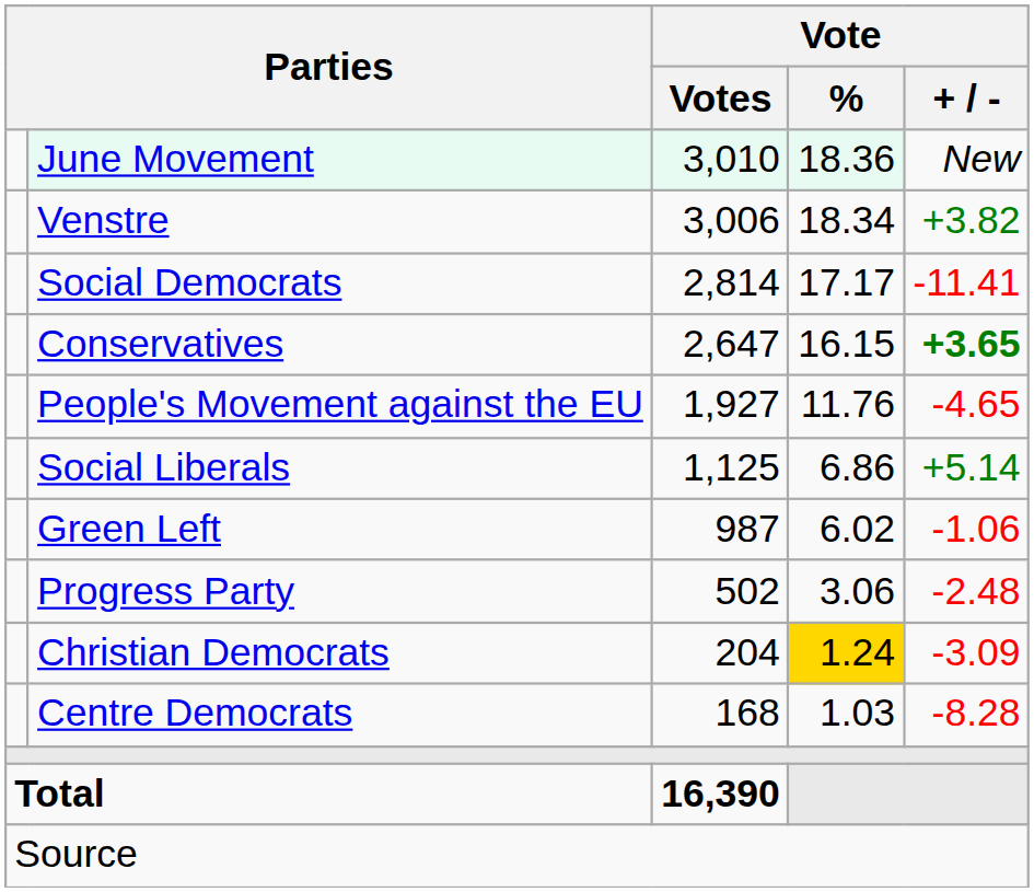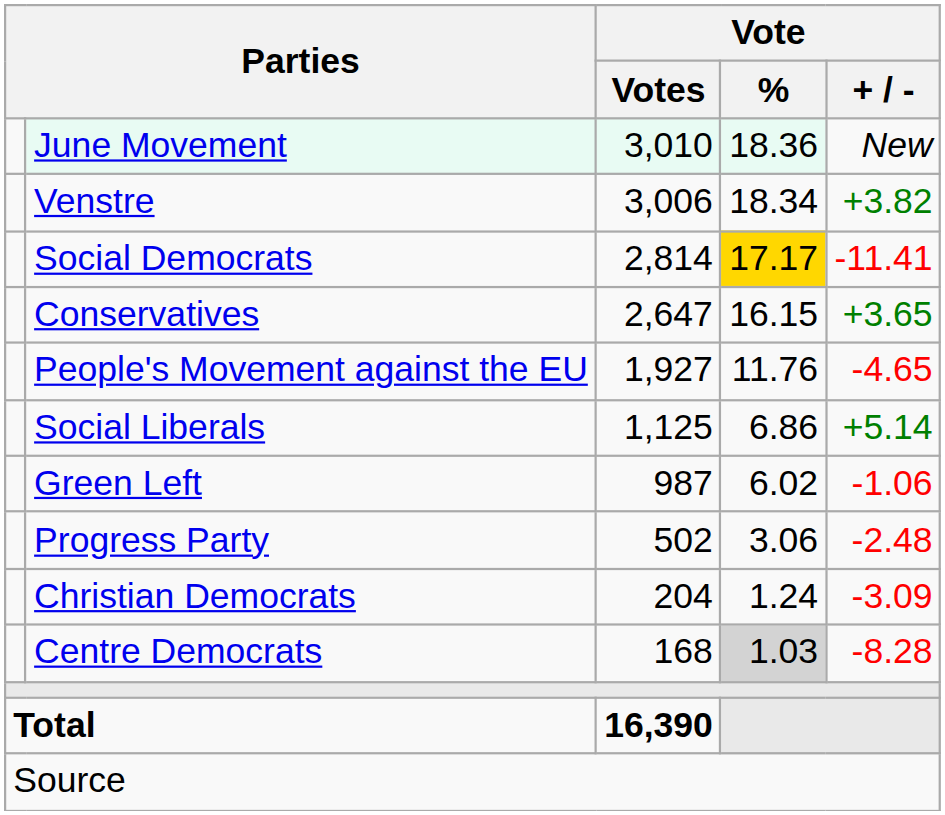 <table class="wikitable" style="text-align:right;">
 <tr>
 <th style="text-align:centre;" rowspan="2" colspan="2" width="225">Parties</th>
 <th colspan="3">Vote</th>
 </tr>
 <tr>
 <th width="15">Votes</th>
 <th width="15">%</th>
 <th width="15">+ / -</th>
 </tr>
 <tr>
 <td width="2" style="color:inherit;background:"></td>
 <td bgcolor=#e8fbf3   align="left"><a href='#'>June Movement</a></td>
 <td bgcolor=#e8fbf3>3,010</td>
 <td bgcolor=#e8fbf3>18.36</td>
 <td><em>New</em></td>
 </tr>
 <tr>
 <td width="2" style="color:inherit;background:"></td>
 <td align="left"><a href='#'>Venstre</a></td>
 <td>3,006</td>
 <td>18.34</td>
 <td style=color:green;>+3.82</td>
 </tr>
 <tr>
 <td width="2" style="color:inherit;background:"></td>
 <td align="left"><a href='#'>Social Democrats</a></td>
 <td>2,814</td>
-<td>17.17</td>
+<td style="background: gold;">17.17</td>
 <td style=color:red;>-11.41</td>
 </tr>
 <tr>
 <td width="2" style="color:inherit;background:"></td>
 <td align="left"><a href='#'>Conservatives</a></td>
 <td>2,647</td>
 <td>16.15</td>
-<td style=color:green;><strong>+3.65</strong></td>
+<td style=color:green;>+3.65</td>
 </tr>
 <tr>
 <td width="2" style="color:inherit;background:"></td>
 <td align="left"><a href='#'>People's Movement against the EU</a></td>
 <td>1,927</td>
 <td>11.76</td>
 <td style=color:red;>-4.65</td>
 </tr>
 <tr>
 <td width="2" style="color:inherit;background:"></td>
 <td align="left"><a href='#'>Social Liberals</a></td>
 <td>1,125</td>
 <td>6.86</td>
 <td style=color:green;>+5.14</td>
 </tr>
 <tr>
 <td width="2" style="color:inherit;background:"></td>
 <td align="left"><a href='#'>Green Left</a></td>
 <td>987</td>
 <td>6.02</td>
 <td style=color:red;>-1.06</td>
 </tr>
 <tr>
 <td width="2" style="color:inherit;background:"></td>
 <td align="left"><a href='#'>Progress Party</a></td>
 <td>502</td>
 <td>3.06</td>
 <td style=color:red;>-2.48</td>
 </tr>
 <tr>
 <td width="2" style="color:inherit;background:"></td>
 <td align="left"><a href='#'>Christian Democrats</a></td>
 <td>204</td>
-<td style="background: gold;">1.24</td>
+<td>1.24</td>
 <td style=color:red;>-3.09</td>
 </tr>
 <tr>
 <td width="2" style="color:inherit;background:"></td>
 <td align="left"><a href='#'>Centre Democrats</a></td>
 <td>168</td>
-<td>1.03</td>
+<td style="background: lightgrey;">1.03</td>
 <td style=color:red;>-8.28</td>
 </tr>
 <tr>
 <td colspan="7" bgcolor="#E9E9E9"></td>
 </tr>
 <tr>
 <td align="left" colspan="2"><strong>Total</strong></td>
 <td><strong>16,390</strong></td>
 <td bgcolor="#E9E9E9" colspan="2"></td>
 </tr>
 <tr>
 <td align="left" colspan="6">Source</td>
 </tr>
 </table>
